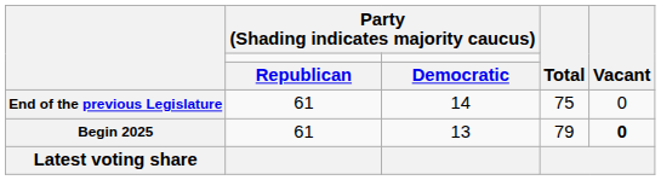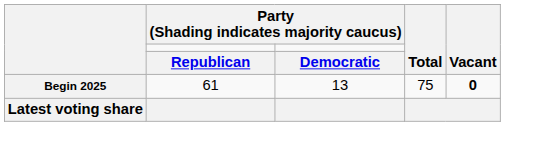 <table class=wikitable style="text-align:center">
 <tr style="vertical-align:bottom;">
 <th rowspan="3"></th>
 <th colspan=2>Party <div>(Shading indicates majority caucus)</div></th>
 <th rowspan="3">Total</th>
 <th rowspan="3">Vacant</th>
 </tr>
 <tr>
 <td style="background-color:"></td>
 <td style="background-color:"></td>
 </tr>
 <tr>
 <th><a href='#'>Republican</a></th>
 <th><a href='#'>Democratic</a></th>
 </tr>
 <tr>
-<th nowrap="" style="font-size:80%">End of the <a href='#'>previous Legislature</a></th>
-<td>61</td>
-<td>14</td>
-<td>75</td>
-<td>0</td>
-</tr>
-<tr>
 <th nowrap="" style="font-size:80%">Begin 2025</th>
 <td>61</td>
 <td>13</td>
-<td>79</td>
+<td>75</td>
 <td><strong>0</strong></td>
 </tr>
 <tr>
 <th>Latest voting share</th>
 <th></th>
 <th></th>
 <th colspan=2></th>
 </tr>
 </table>
